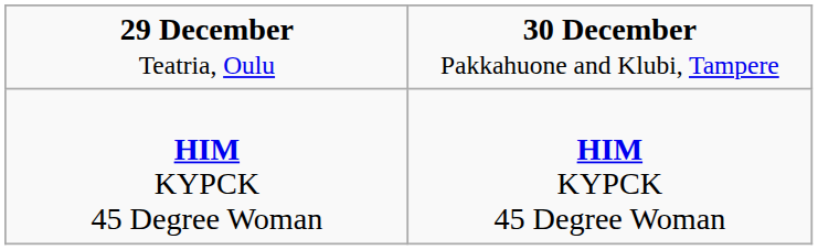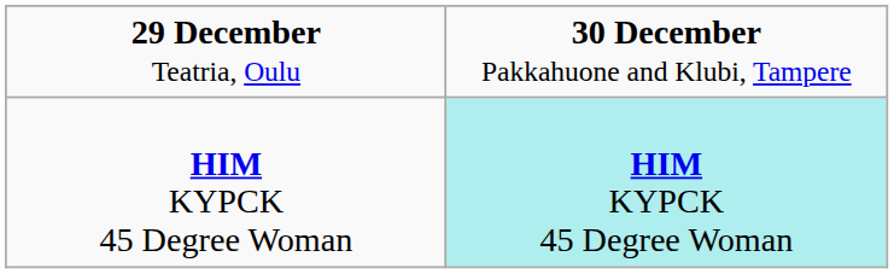 <table class="wikitable">
 <tr>
 <td colspan="1" style="text-align:center;"><strong>29 December</strong> <br> <small> Teatria, <a href='#'>Oulu</a> </small></td>
 <td colspan="1" style="text-align:center;"><strong>30 December</strong> <br> <small> Pakkahuone and Klubi, <a href='#'>Tampere</a> </small></td>
 </tr>
 <tr>
 <td style="text-align:center; vertical-align:top; width:200px;"><br><strong><a href='#'>HIM</a></strong><br> KYPCK<br> 45 Degree Woman<br></td>
-<td style="text-align:center; vertical-align:top; width:200px;"><br><strong><a href='#'>HIM</a></strong><br> KYPCK<br> 45 Degree Woman<br></td>
+<td style="background: paleturquoise; text-align:center; vertical-align:top; width:200px;"><br><strong><a href='#'>HIM</a></strong><br> KYPCK<br> 45 Degree Woman<br></td>
 </tr>
 </table>
